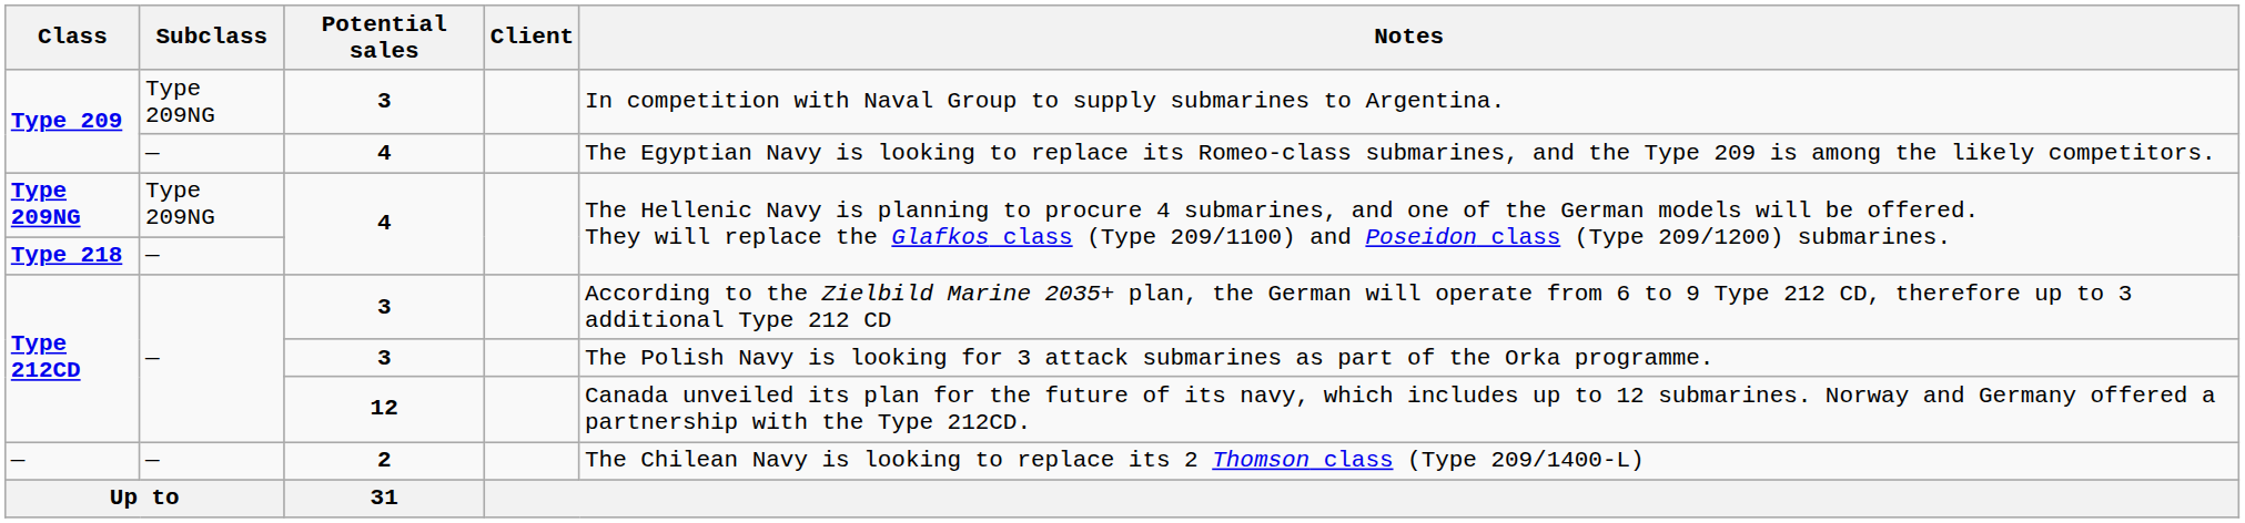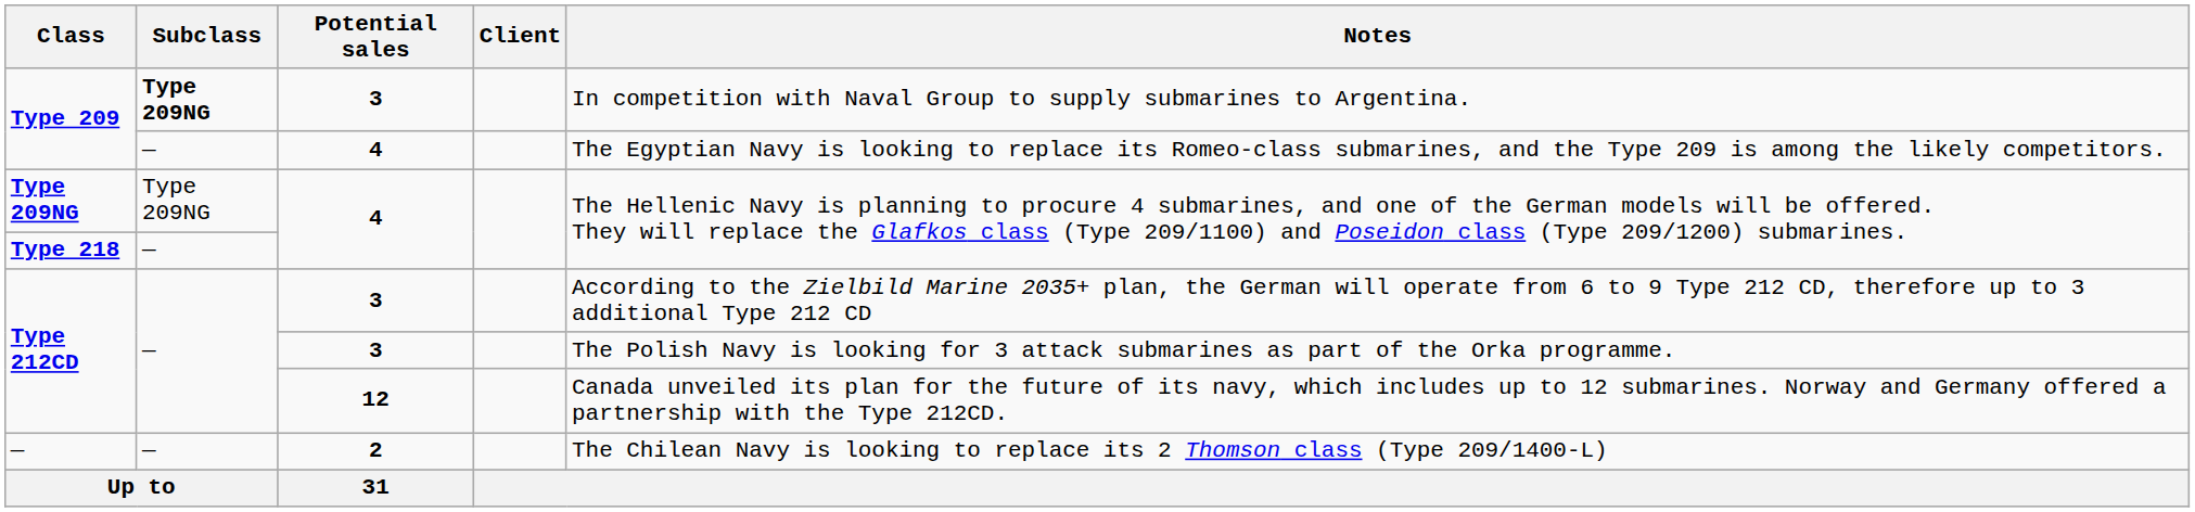 <table class="wikitable">
 <tr>
 <th>Class</th>
 <th>Subclass</th>
 <th>Potential sales</th>
 <th>Client</th>
 <th>Notes</th>
 </tr>
 <tr>
 <td rowspan="2"><a href='#'><strong>Type 209</strong></a></td>
-<td>Type 209NG</td>
+<td><strong>Type 209NG</strong></td>
 <td style="text-align: center;"><strong>3</strong></td>
 <td></td>
 <td>In competition with Naval Group to supply submarines to Argentina.</td>
 </tr>
 <tr>
 <td>—</td>
 <td style="text-align: center;"><strong>4</strong></td>
 <td></td>
 <td>The Egyptian Navy is looking to replace its Romeo-class submarines, and the Type 209 is among the likely competitors.</td>
 </tr>
 <tr>
 <td><a href='#'><strong>Type 209NG</strong></a></td>
 <td>Type 209NG</td>
 <td rowspan="2" style="text-align: center;"><strong>4</strong></td>
 <td rowspan="2"></td>
 <td rowspan="2">The Hellenic Navy is planning to procure 4 submarines, and one of the German models will be offered.<br>They will replace the <a href='#'><em>Glafkos</em> class</a> (Type 209/1100) and <a href='#'><em>Poseidon</em> class</a> (Type 209/1200) submarines.</td>
 </tr>
 <tr>
 <td><strong><a href='#'>Type 218</a></strong></td>
 <td>—</td>
 </tr>
 <tr>
 <td rowspan="3"><a href='#'><strong>Type 212CD</strong></a></td>
 <td rowspan="3">—</td>
 <td style="text-align: center;"><strong>3</strong></td>
 <td></td>
 <td>According to the <em>Zielbild Marine 2035+</em> plan, the German will operate from 6 to 9 Type 212 CD, therefore up to 3 additional Type 212 CD</td>
 </tr>
 <tr>
 <td style="text-align: center;"><strong>3</strong></td>
 <td></td>
 <td>The Polish Navy is looking for 3 attack submarines as part of the Orka programme.</td>
 </tr>
 <tr>
 <td style="text-align: center;"><strong>12</strong></td>
 <td></td>
 <td>Canada unveiled its plan for the future of its navy, which includes up to 12 submarines. Norway and Germany offered a partnership with the Type 212CD.</td>
 </tr>
 <tr>
 <td>—</td>
 <td>—</td>
 <td style="text-align: center;"><strong>2</strong></td>
 <td></td>
 <td>The Chilean Navy is looking to replace its 2 <a href='#'><em>Thomson</em> class</a> (Type 209/1400-L)</td>
 </tr>
 <tr>
 <th colspan="2">Up to</th>
 <th style="text-align: center;">31</th>
 <th colspan="2"></th>
 </tr>
 </table>
